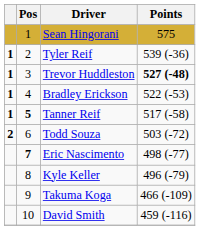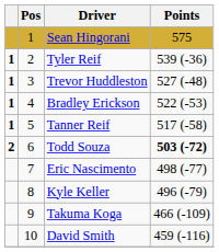 <table class="wikitable" style="font-size: 95%;">
 <tr>
 <th></th>
 <th>Pos</th>
 <th>Driver</th>
 <th>Points</th>
 </tr>
 <tr style="background:#D4AF37;">
 <td align="left"></td>
 <td style="text-align:center;">1</td>
 <td><a href='#'>Sean Hingorani</a></td>
 <td style="text-align:center;">575</td>
 </tr>
 <tr>
 <td align="left"> <strong>1</strong></td>
 <td style="text-align:center;">2</td>
 <td><a href='#'>Tyler Reif</a></td>
 <td style="text-align:center;">539 (-36)</td>
 </tr>
 <tr>
 <td align="left"> <strong>1</strong></td>
 <td style="text-align:center;">3</td>
 <td><a href='#'>Trevor Huddleston</a></td>
-<td style="text-align:center;"><strong>527 (-48)</strong></td>
+<td style="text-align:center;">527 (-48)</td>
 </tr>
 <tr>
 <td align="left"> <strong>1</strong></td>
 <td style="text-align:center;">4</td>
 <td><a href='#'>Bradley Erickson</a></td>
 <td style="text-align:center;">522 (-53)</td>
 </tr>
 <tr>
 <td align="left"> <strong>1</strong></td>
-<td style="text-align:center;"><strong>5</strong></td>
+<td style="text-align:center;">5</td>
 <td><a href='#'>Tanner Reif</a></td>
 <td style="text-align:center;">517 (-58)</td>
 </tr>
 <tr>
 <td align="left"> <strong>2</strong></td>
 <td style="text-align:center;">6</td>
 <td><a href='#'>Todd Souza</a></td>
-<td style="text-align:center;">503 (-72)</td>
+<td style="text-align:center;"><strong>503 (-72)</strong></td>
 </tr>
 <tr>
 <td align="left"></td>
-<td style="text-align:center;"><strong>7</strong></td>
+<td style="text-align:center;">7</td>
 <td><a href='#'>Eric Nascimento</a></td>
 <td style="text-align:center;">498 (-77)</td>
 </tr>
 <tr>
 <td align="left"></td>
 <td style="text-align:center;">8</td>
 <td><a href='#'>Kyle Keller</a></td>
 <td style="text-align:center;">496 (-79)</td>
 </tr>
 <tr>
 <td align="left"></td>
 <td style="text-align:center;">9</td>
 <td><a href='#'>Takuma Koga</a></td>
 <td style="text-align:center;">466 (-109)</td>
 </tr>
 <tr>
 <td align="left"></td>
 <td style="text-align:center;">10</td>
 <td><a href='#'>David Smith</a></td>
 <td style="text-align:center;">459 (-116)</td>
 </tr>
 <tr class="sortbottom">
 </tr>
 </table>
